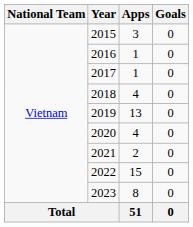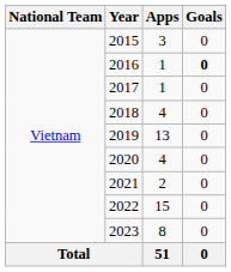 <table class="wikitable" style="text-align:center">
 <tr>
 <th>National Team</th>
 <th>Year</th>
 <th>Apps</th>
 <th>Goals</th>
 </tr>
 <tr>
 <td rowspan="9"><a href='#'>Vietnam</a></td>
 <td>2015</td>
 <td>3</td>
 <td>0</td>
 </tr>
 <tr>
 <td>2016</td>
 <td>1</td>
-<td>0</td>
+<td><strong>0</strong></td>
 </tr>
 <tr>
 <td>2017</td>
 <td>1</td>
 <td>0</td>
 </tr>
 <tr>
 <td>2018</td>
 <td>4</td>
 <td>0</td>
 </tr>
 <tr>
 <td>2019</td>
 <td>13</td>
 <td>0</td>
 </tr>
 <tr>
 <td>2020</td>
 <td>4</td>
 <td>0</td>
 </tr>
 <tr>
 <td>2021</td>
 <td>2</td>
 <td>0</td>
 </tr>
 <tr>
 <td>2022</td>
 <td>15</td>
 <td>0</td>
 </tr>
 <tr>
 <td>2023</td>
 <td>8</td>
 <td>0</td>
 </tr>
 <tr>
 <th colspan=2>Total</th>
 <th>51</th>
 <th>0</th>
 </tr>
 </table>
